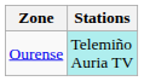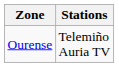 <table class="wikitable">
 <tr>
 <th>Zone</th>
 <th>Stations</th>
 </tr>
 <tr>
 <td><a href='#'>Ourense</a></td>
-<td style="background: paleturquoise;">Telemiño<br>Auria TV</td>
+<td>Telemiño<br>Auria TV</td>
 </tr>
 </table>
